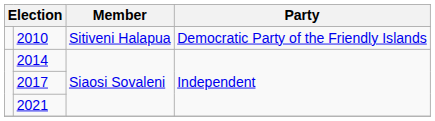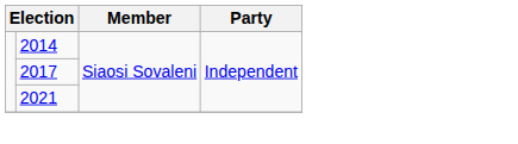 <table class="wikitable">
 <tr>
 <th colspan="2">Election</th>
 <th>Member</th>
 <th>Party</th>
-</tr>
-<tr>
-<td style="background-color: "></td>
-<td><a href='#'>2010</a></td>
-<td><a href='#'>Sitiveni Halapua</a></td>
-<td><a href='#'>Democratic Party of the Friendly Islands</a></td>
 </tr>
 <tr>
 <td rowspan="3" style="background-color: "></td>
 <td><a href='#'>2014</a></td>
 <td rowspan="3"><a href='#'>Siaosi Sovaleni</a></td>
 <td rowspan="3"><a href='#'>Independent</a></td>
 </tr>
 <tr>
 <td><a href='#'>2017</a></td>
 </tr>
 <tr>
 <td><a href='#'>2021</a></td>
 </tr>
 <tr>
 </tr>
 </table>
